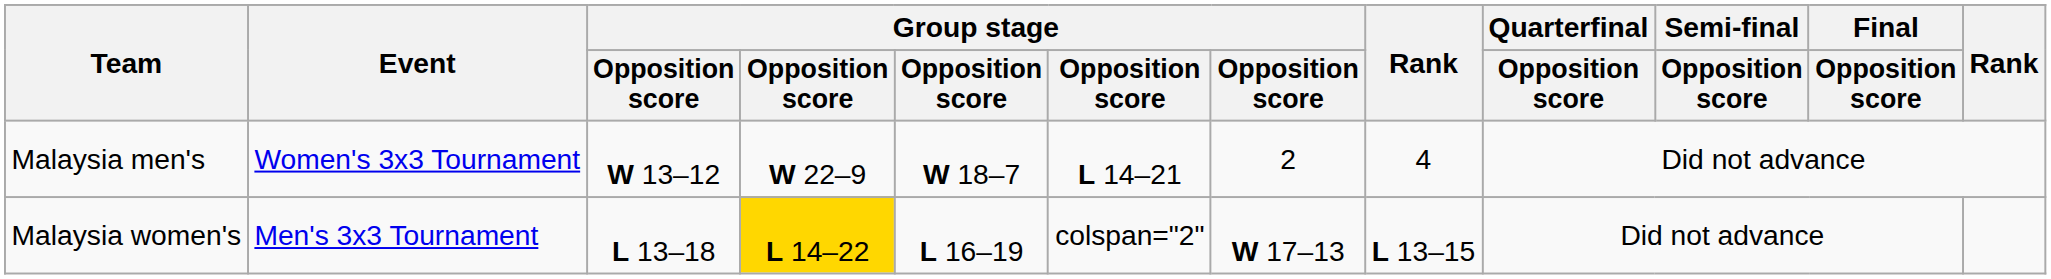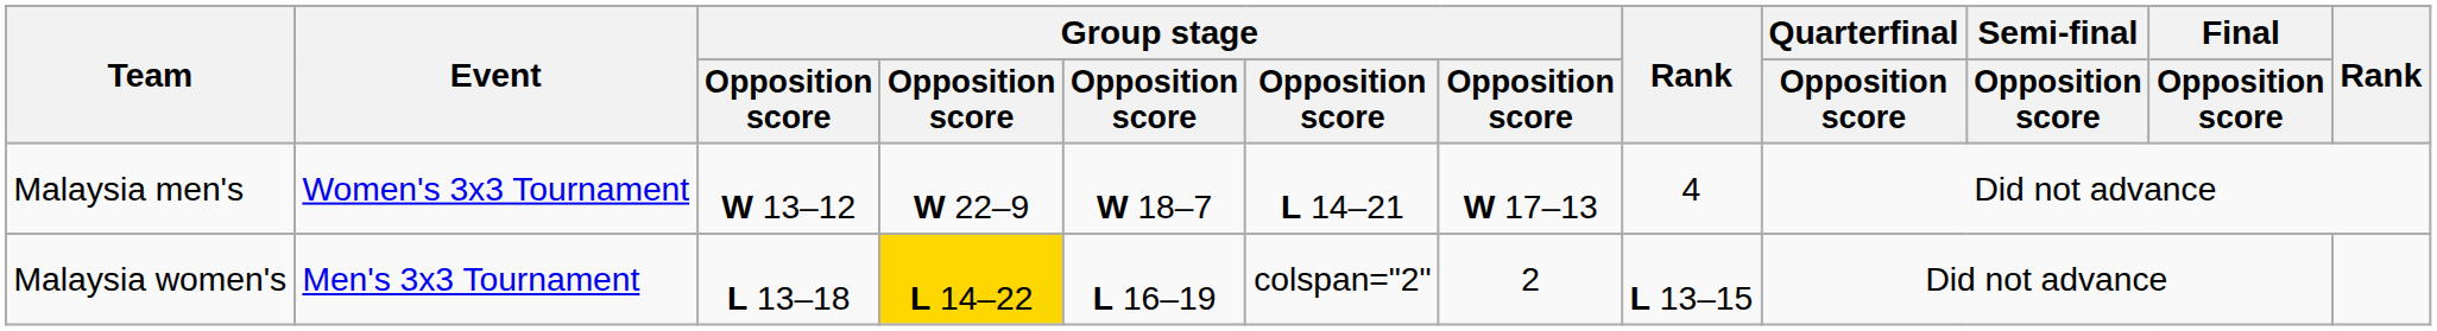 <table class="wikitable" style="font-size:90%;text-align:center">
 <tr>
 <th rowspan="2">Team</th>
 <th rowspan="2">Event</th>
 <th colspan="5">Group stage</th>
 <th rowspan="2">Rank</th>
 <th>Quarterfinal</th>
 <th>Semi-final</th>
 <th>Final</th>
 <th rowspan="2">Rank</th>
 </tr>
 <tr style=font-size:95%>
 <th>Opposition<br> score</th>
 <th>Opposition<br> score</th>
 <th>Opposition<br> score</th>
 <th>Opposition<br> score</th>
 <th>Opposition<br> score</th>
 <th>Opposition<br> score</th>
 <th>Opposition<br> score</th>
 <th>Opposition<br> score</th>
 </tr>
 <tr>
 <td align="left">Malaysia men's</td>
 <td align="left"><a href='#'>Women's 3x3 Tournament</a></td>
 <td><br><strong>W</strong> 13–12</td>
 <td><br><strong>W</strong> 22–9</td>
 <td><br><strong>W</strong> 18–7</td>
 <td><br><strong>L</strong> 14–21</td>
-<td>2 <strong></strong></td>
+<td><br><strong>W</strong> 17–13</td>
 <td>4</td>
 <td colspan="4">Did not advance</td>
 </tr>
 <tr>
 <td align="left">Malaysia women's</td>
 <td align="left"><a href='#'>Men's 3x3 Tournament</a></td>
 <td><br><strong>L</strong> 13–18</td>
 <td style="background: gold;"><br><strong>L</strong> 14–22</td>
 <td><br><strong>L</strong> 16–19</td>
 <td>colspan="2" </td>
-<td><br><strong>W</strong> 17–13</td>
+<td>2 <strong></strong></td>
 <td><br><strong>L</strong> 13–15</td>
 <td colspan="3">Did not advance</td>
 </tr>
 </table>
